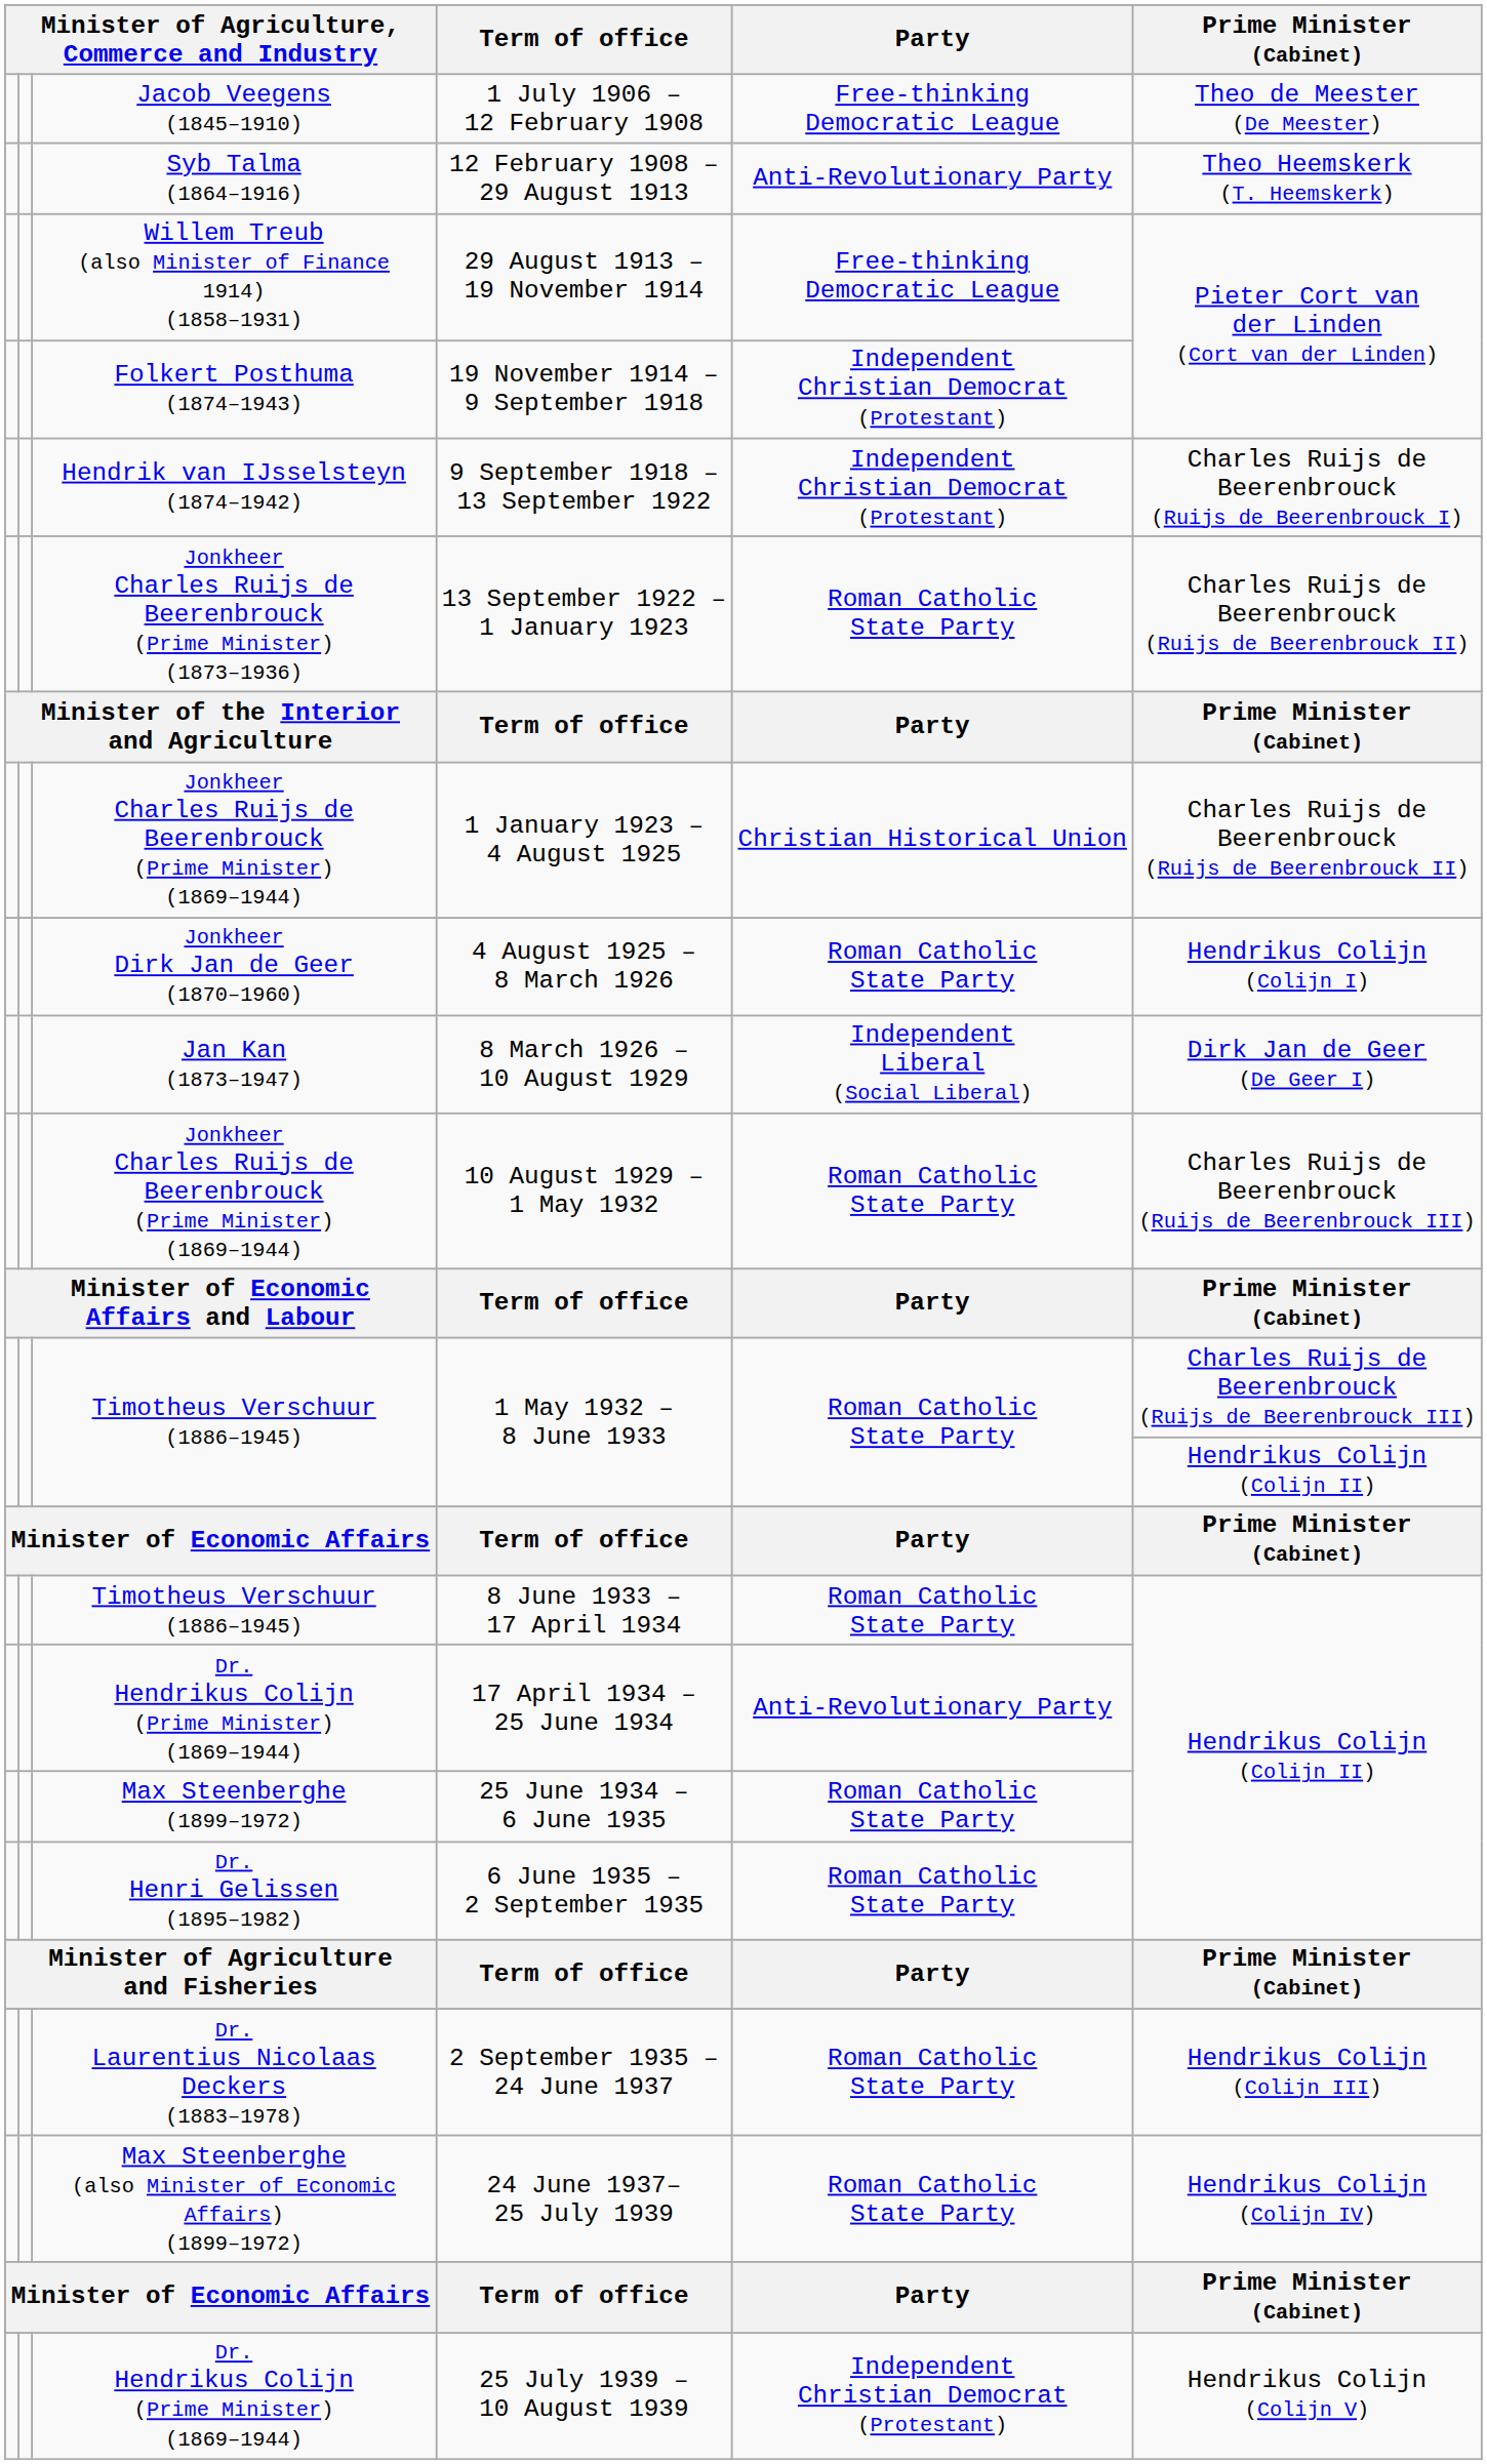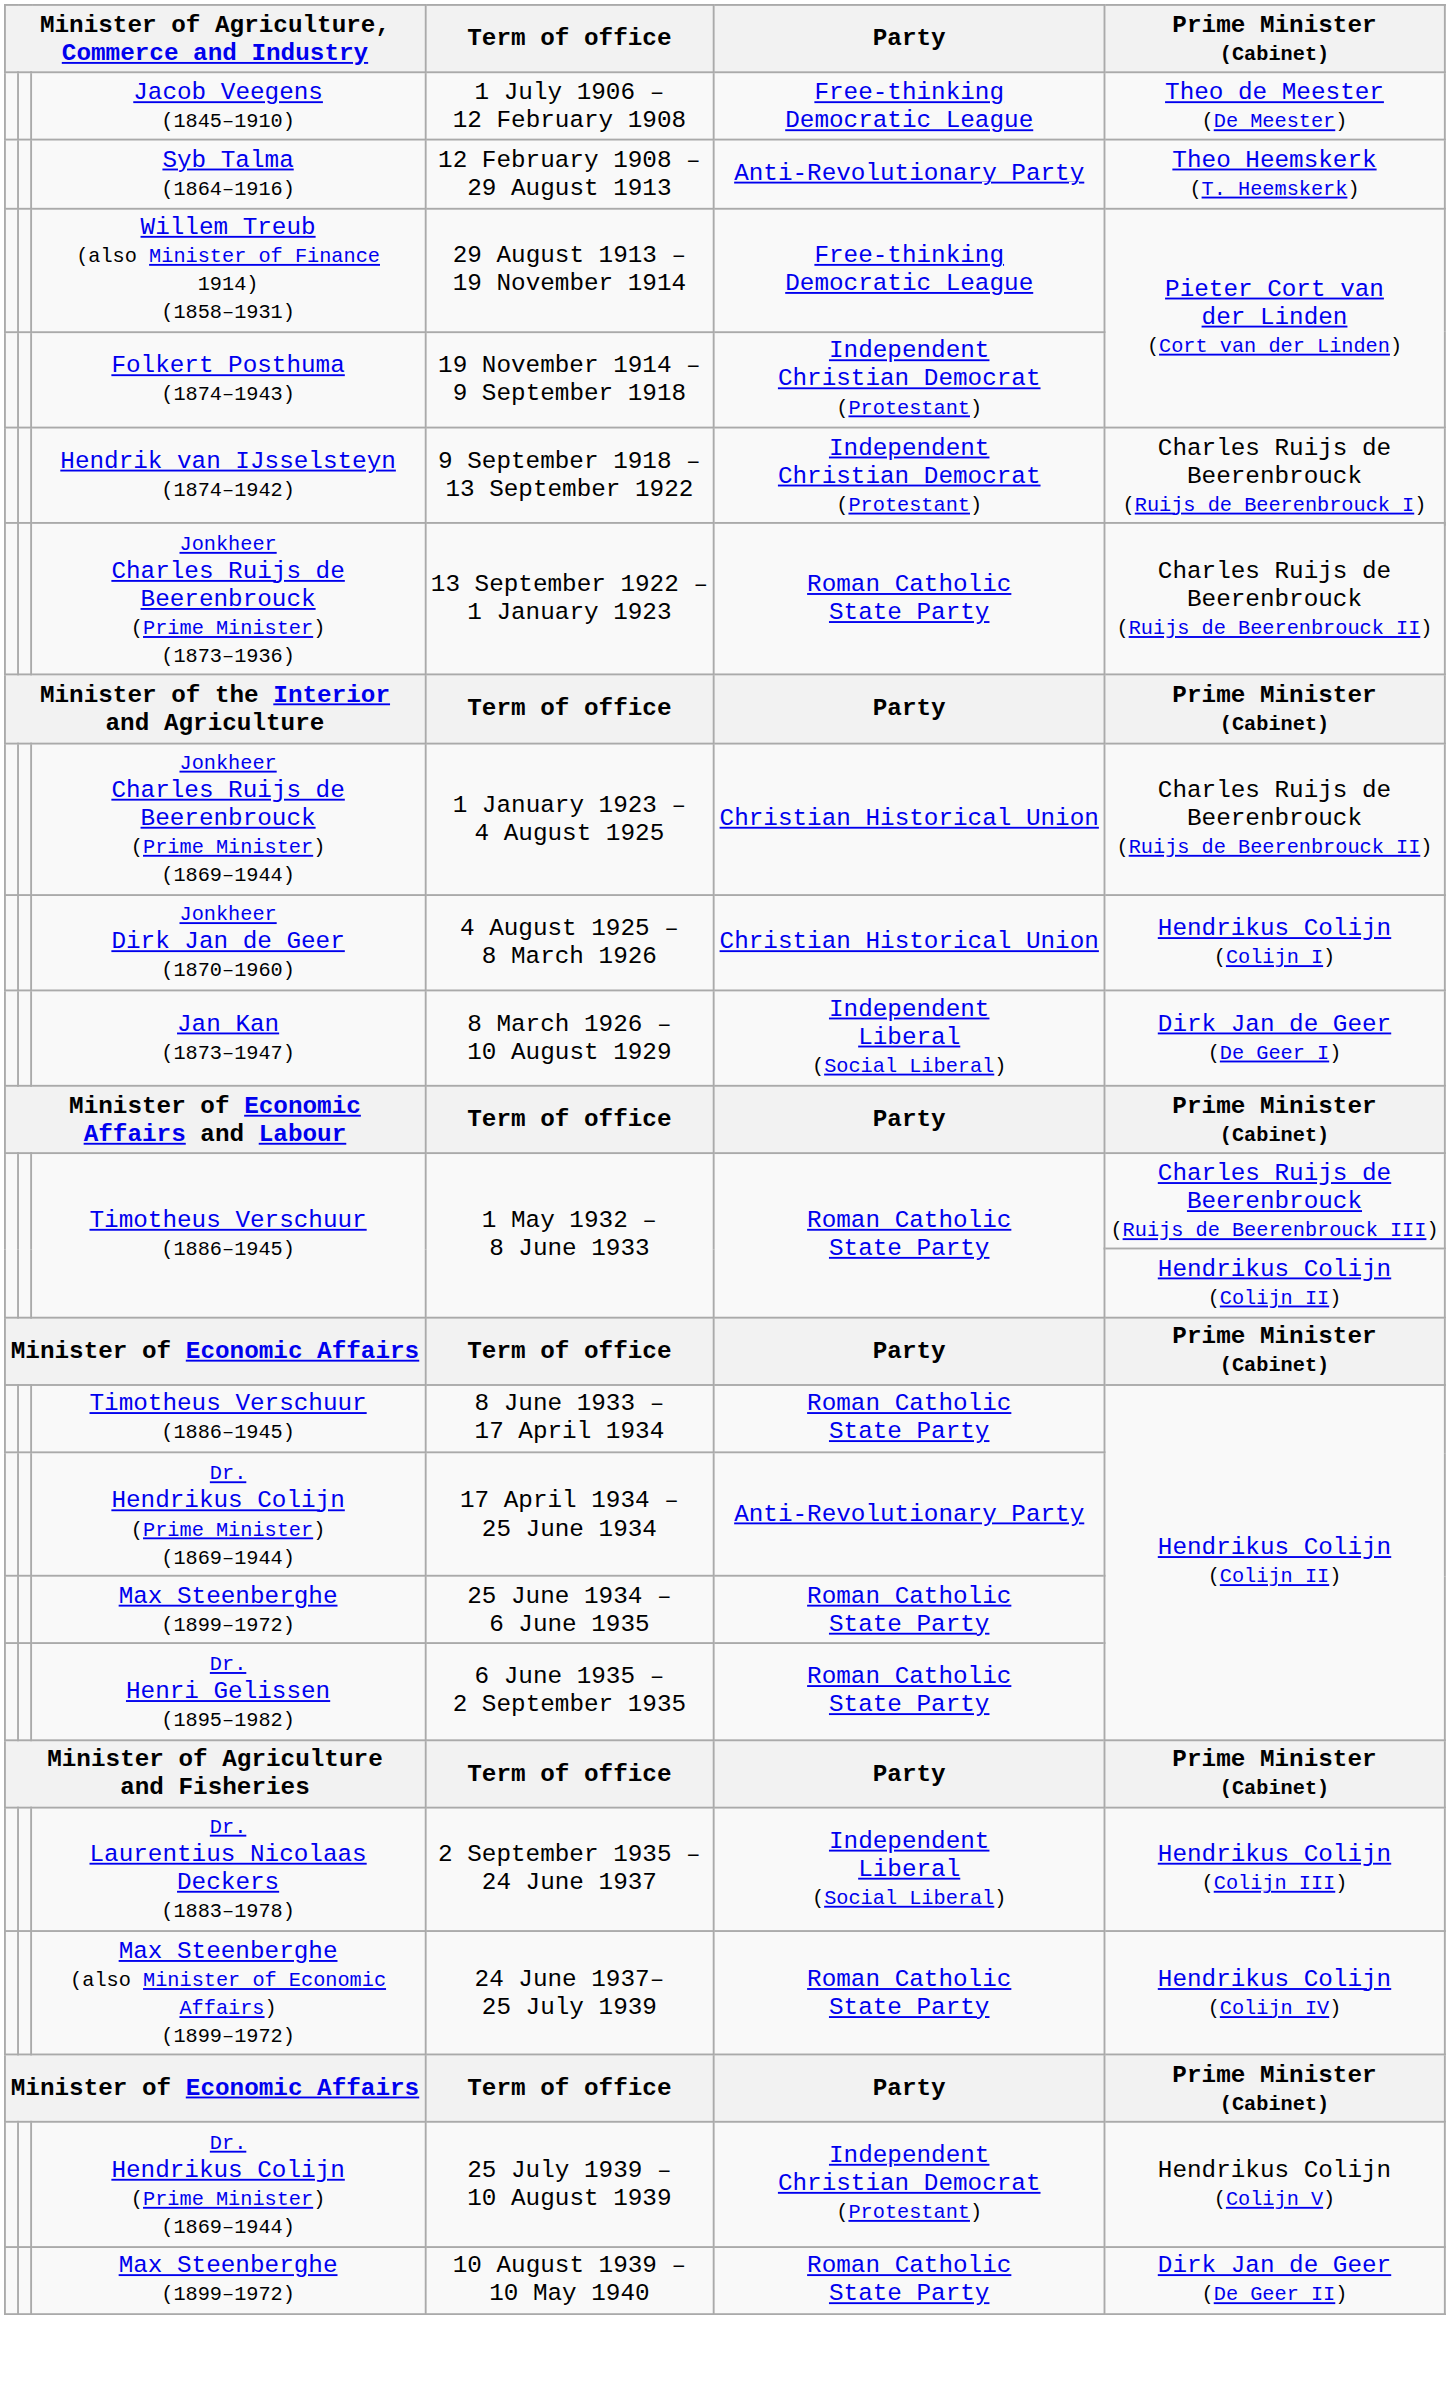 <table class="wikitable" style="text-align:center">
 <tr>
 <th colspan=3>Minister of Agriculture, <br> <a href='#'>Commerce and Industry</a></th>
 <th>Term of office</th>
 <th>Party</th>
 <th>Prime Minister <br> <small>(Cabinet)</small></th>
 </tr>
 <tr>
 <td style="background:"></td>
 <td></td>
 <td><a href='#'>Jacob Veegens</a> <br> <small>(1845–1910)</small></td>
 <td>1 July 1906 – <br> 12 February 1908</td>
 <td><a href='#'>Free-thinking <br> Democratic League</a></td>
 <td><a href='#'>Theo de Meester</a> <br> <small>(<a href='#'>De Meester</a>)</small> <br></td>
 </tr>
 <tr>
 <td style="background:"></td>
 <td></td>
 <td><a href='#'>Syb Talma</a> <br> <small>(1864–1916)</small></td>
 <td>12 February 1908 – <br> 29 August 1913</td>
 <td><a href='#'>Anti-Revolutionary Party</a></td>
 <td><a href='#'>Theo Heemskerk</a> <br> <small>(<a href='#'>T. Heemskerk</a>)</small> <br></td>
 </tr>
 <tr>
 <td style="background:"></td>
 <td></td>
 <td><a href='#'>Willem Treub</a> <br> <small>(also <a href='#'>Minister of Finance</a> <br> 1914)</small> <br> <small>(1858–1931)</small></td>
 <td>29 August 1913 – <br> 19 November 1914 <br> </td>
 <td><a href='#'>Free-thinking <br> Democratic League</a></td>
 <td rowspan=2><a href='#'>Pieter Cort van <br> der Linden</a> <br> <small>(<a href='#'>Cort van der Linden</a>)</small> <br></td>
 </tr>
 <tr>
 <td style="background:"></td>
 <td></td>
 <td><a href='#'>Folkert Posthuma</a> <br> <small>(1874–1943)</small></td>
 <td>19 November 1914 – <br> 9 September 1918</td>
 <td><a href='#'>Independent <br> Christian Democrat</a> <br> <small>(<a href='#'>Protestant</a>)</small></td>
 </tr>
 <tr>
 <td style="background:"></td>
 <td></td>
 <td><a href='#'>Hendrik van IJsselsteyn</a> <br> <small>(1874–1942)</small></td>
 <td>9 September 1918 – <br> 13 September 1922 <br> </td>
 <td><a href='#'>Independent <br> Christian Democrat</a> <br> <small>(<a href='#'>Protestant</a>)</small></td>
 <td rowspan=2>Charles Ruijs de <br> Beerenbrouck <br> <small>(<a href='#'>Ruijs de Beerenbrouck I</a>)</small> <br></td>
 </tr>
 <tr>
 <td rowspan=2 style="background:"></td>
 <td rowspan=2></td>
 <td rowspan=2><small><a href='#'>Jonkheer</a></small> <br> <a href='#'>Charles Ruijs de <br> Beerenbrouck</a> <br> <small>(<a href='#'>Prime Minister</a>)</small> <br> <small>(1873–1936)</small></td>
 <td rowspan=2>13 September 1922 – <br> 1 January 1923 <br> </td>
 <td rowspan=2><a href='#'>Roman Catholic <br> State Party</a></td>
 </tr>
 <tr>
 <td>Charles Ruijs de <br> Beerenbrouck <br> <small>(<a href='#'>Ruijs de Beerenbrouck II</a>)</small> <br></td>
 </tr>
 <tr>
 <th colspan=3>Minister of the <a href='#'>Interior</a> <br> and Agriculture</th>
 <th>Term of office</th>
 <th>Party</th>
 <th>Prime Minister <br> <small>(Cabinet)</small></th>
 </tr>
 <tr>
 <td style="background:"></td>
 <td></td>
 <td><small><a href='#'>Jonkheer</a></small> <br> <a href='#'>Charles Ruijs de <br> Beerenbrouck</a> <br> <small>(<a href='#'>Prime Minister</a>)</small> <br> <small>(1869–1944)</small></td>
 <td>1 January 1923 – <br> 4 August 1925</td>
 <td><a href='#'>Christian Historical Union</a></td>
 <td>Charles Ruijs de <br> Beerenbrouck <br> <small>(<a href='#'>Ruijs de Beerenbrouck II</a>)</small> <br></td>
 </tr>
 <tr>
 <td style="background:"></td>
 <td></td>
 <td><small><a href='#'>Jonkheer</a></small> <br> <a href='#'>Dirk Jan de Geer</a> <br> <small>(1870–1960)</small></td>
 <td>4 August 1925 – <br> 8 March 1926</td>
-<td><a href='#'>Roman Catholic <br> State Party</a></td>
+<td><a href='#'>Christian Historical Union</a></td>
 <td><a href='#'>Hendrikus Colijn</a> <br> <small>(<a href='#'>Colijn I</a>)</small> <br></td>
 </tr>
 <tr>
 <td style="background:"></td>
 <td></td>
 <td><a href='#'>Jan Kan</a> <br> <small>(1873–1947)</small></td>
 <td>8 March 1926 – <br> 10 August 1929</td>
 <td><a href='#'>Independent <br> Liberal</a> <br> <small>(<a href='#'>Social Liberal</a>)</small></td>
 <td><a href='#'>Dirk Jan de Geer</a> <br> <small>(<a href='#'>De Geer I</a>)</small> <br></td>
-</tr>
-<tr>
-<td style="background:"></td>
-<td></td>
-<td><small><a href='#'>Jonkheer</a></small> <br> <a href='#'>Charles Ruijs de <br> Beerenbrouck</a> <br> <small>(<a href='#'>Prime Minister</a>)</small> <br> <small>(1869–1944)</small></td>
-<td>10 August 1929 – <br> 1 May 1932</td>
-<td><a href='#'>Roman Catholic <br> State Party</a></td>
-<td>Charles Ruijs de <br> Beerenbrouck <br> <small>(<a href='#'>Ruijs de Beerenbrouck III</a>)</small> <br></td>
 </tr>
 <tr>
 <th colspan=3>Minister of <a href='#'>Economic <br> Affairs</a> and <a href='#'>Labour</a></th>
 <th>Term of office</th>
 <th>Party</th>
 <th>Prime Minister <br> <small>(Cabinet)</small></th>
 </tr>
 <tr>
 <td rowspan=2 style="background:"></td>
 <td rowspan=2></td>
 <td rowspan=2><a href='#'>Timotheus Verschuur</a> <br> <small>(1886–1945)</small></td>
 <td rowspan=2>1 May 1932 – <br> 8 June 1933</td>
 <td rowspan=2><a href='#'>Roman Catholic <br> State Party</a></td>
 <td><a href='#'>Charles Ruijs de <br> Beerenbrouck</a> <br> <small>(<a href='#'>Ruijs de Beerenbrouck III</a>)</small> <br></td>
 </tr>
 <tr>
 <td><a href='#'>Hendrikus Colijn</a> <br> <small>(<a href='#'>Colijn II</a>)</small> <br></td>
 </tr>
 <tr>
 <th colspan=3>Minister of <a href='#'>Economic Affairs</a></th>
 <th>Term of office</th>
 <th>Party</th>
 <th>Prime Minister <br> <small>(Cabinet)</small></th>
 </tr>
 <tr>
 <td style="background:"></td>
 <td></td>
 <td><a href='#'>Timotheus Verschuur</a> <br> <small>(1886–1945)</small></td>
 <td>8 June 1933 – <br> 17 April 1934 <br> </td>
 <td><a href='#'>Roman Catholic <br> State Party</a></td>
 <td rowspan=4><a href='#'>Hendrikus Colijn</a> <br> <small>(<a href='#'>Colijn II</a>)</small> <br></td>
 </tr>
 <tr>
 <td style="background:"></td>
 <td></td>
 <td><small><a href='#'>Dr.</a></small> <br> <a href='#'>Hendrikus Colijn</a> <br> <small>(<a href='#'>Prime Minister</a>)</small> <br> <small>(1869–1944)</small></td>
 <td>17 April 1934 – <br> 25 June 1934 <br> </td>
 <td><a href='#'>Anti-Revolutionary Party</a></td>
 </tr>
 <tr>
 <td style="background:"></td>
 <td></td>
 <td><a href='#'>Max Steenberghe</a> <br> <small>(1899–1972)</small></td>
 <td>25 June 1934 – <br> 6 June 1935 <br> </td>
 <td><a href='#'>Roman Catholic <br> State Party</a></td>
 </tr>
 <tr>
 <td style="background:"></td>
 <td></td>
 <td><small><a href='#'>Dr.</a></small> <br> <a href='#'>Henri Gelissen</a> <br> <small>(1895–1982)</small></td>
 <td>6 June 1935 – <br> 2 September 1935</td>
 <td><a href='#'>Roman Catholic <br> State Party</a></td>
 </tr>
 <tr>
 <th colspan=3>Minister of Agriculture <br> and Fisheries</th>
 <th>Term of office</th>
 <th>Party</th>
 <th>Prime Minister <br> <small>(Cabinet)</small></th>
 </tr>
 <tr>
 <td style="background:"></td>
 <td></td>
 <td><small><a href='#'>Dr.</a></small> <br> <a href='#'>Laurentius Nicolaas <br> Deckers</a> <br> <small>(1883–1978)</small></td>
 <td>2 September 1935 – <br> 24 June 1937</td>
-<td><a href='#'>Roman Catholic <br> State Party</a></td>
+<td><a href='#'>Independent <br> Liberal</a> <br> <small>(<a href='#'>Social Liberal</a>)</small></td>
 <td><a href='#'>Hendrikus Colijn</a> <br> <small>(<a href='#'>Colijn III</a>)</small> <br></td>
 </tr>
 <tr>
 <td style="background:"></td>
 <td></td>
 <td><a href='#'>Max Steenberghe</a> <br> <small>(also <a href='#'>Minister of Economic <br> Affairs</a>)</small> <br> <small>(1899–1972)</small></td>
 <td>24 June 1937– <br> 25 July 1939</td>
 <td><a href='#'>Roman Catholic <br> State Party</a></td>
 <td><a href='#'>Hendrikus Colijn</a> <br> <small>(<a href='#'>Colijn IV</a>)</small> <br></td>
 </tr>
 <tr>
 <th colspan=3>Minister of <a href='#'>Economic Affairs</a></th>
 <th>Term of office</th>
 <th>Party</th>
 <th>Prime Minister <br> <small>(Cabinet)</small></th>
 </tr>
 <tr>
 <td style="background:"></td>
 <td></td>
 <td><small><a href='#'>Dr.</a></small> <br> <a href='#'>Hendrikus Colijn</a> <br> <small>(<a href='#'>Prime Minister</a>)</small> <br> <small>(1869–1944)</small></td>
 <td>25 July 1939 – <br> 10 August 1939</td>
 <td><a href='#'>Independent <br> Christian Democrat</a> <br> <small>(<a href='#'>Protestant</a>)</small></td>
 <td>Hendrikus Colijn <br> <small>(<a href='#'>Colijn V</a>)</small> <br></td>
 </tr>
 <tr>
+<td style="background:"></td>
+<td></td>
+<td><a href='#'>Max Steenberghe</a> <br> <small>(1899–1972)</small></td>
+<td>10 August 1939 – <br> 10 May 1940</td>
+<td><a href='#'>Roman Catholic <br> State Party</a></td>
+<td><a href='#'>Dirk Jan de Geer</a> <br> <small>(<a href='#'>De Geer II</a>)</small> <br></td>
+</tr>
+<tr>
 </tr>
 </table>
